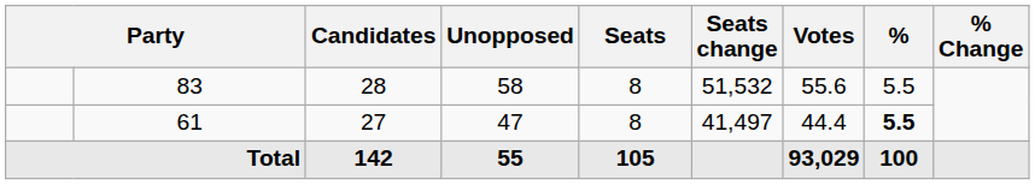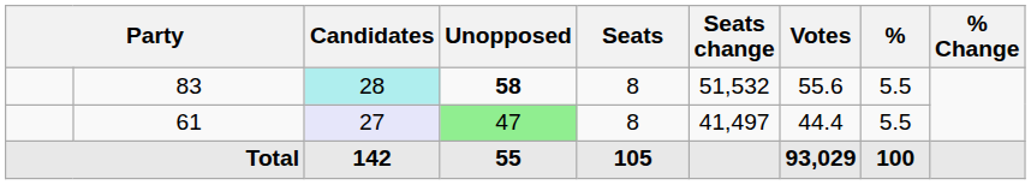 <table class="wikitable sortable">
 <tr>
 <th style="width:200px" colspan=2>Party</th>
 <th style="width:70px;">Candidates</th>
 <th style="width:70px;">Unopposed</th>
 <th style="width:70px;">Seats</th>
 <th style="width:40px;">Seats change</th>
 <th style="width:40px;">Votes</th>
 <th style="width:40px;">%</th>
 <th style="width:40px;">% Change</th>
 </tr>
 <tr>
 <td></td>
 <td align=center>83</td>
-<td align=center>28</td>
-<td align=center>58</td>
+<td align=center style="background: paleturquoise;">28</td>
+<td align=center><strong>58</strong></td>
 <td align=center>8</td>
 <td align=center>51,532</td>
 <td align=center>55.6</td>
 <td align=center>5.5</td>
 </tr>
 <tr>
 <td></td>
 <td align="center">61</td>
-<td align="center">27</td>
-<td align="center">47</td>
+<td align="center" style="background: lavender;">27</td>
+<td align="center" style="background: lightgreen;">47</td>
 <td align="center">8</td>
 <td align="center">41,497</td>
 <td align="center">44.4</td>
-<td align="center"><strong>5.5</strong></td>
+<td align="center">5.5</td>
 </tr>
 <tr class="sortbottom" style="font-weight:bold; background:rgb(232,232,232);">
 <td colspan=2 style=text-align:right>Total</td>
 <td align=center>142</td>
 <td align=center>55</td>
 <td align=center>105</td>
 <td></td>
 <td align=center>93,029</td>
 <td align=center>100</td>
 <td align=center></td>
 </tr>
 </table>
